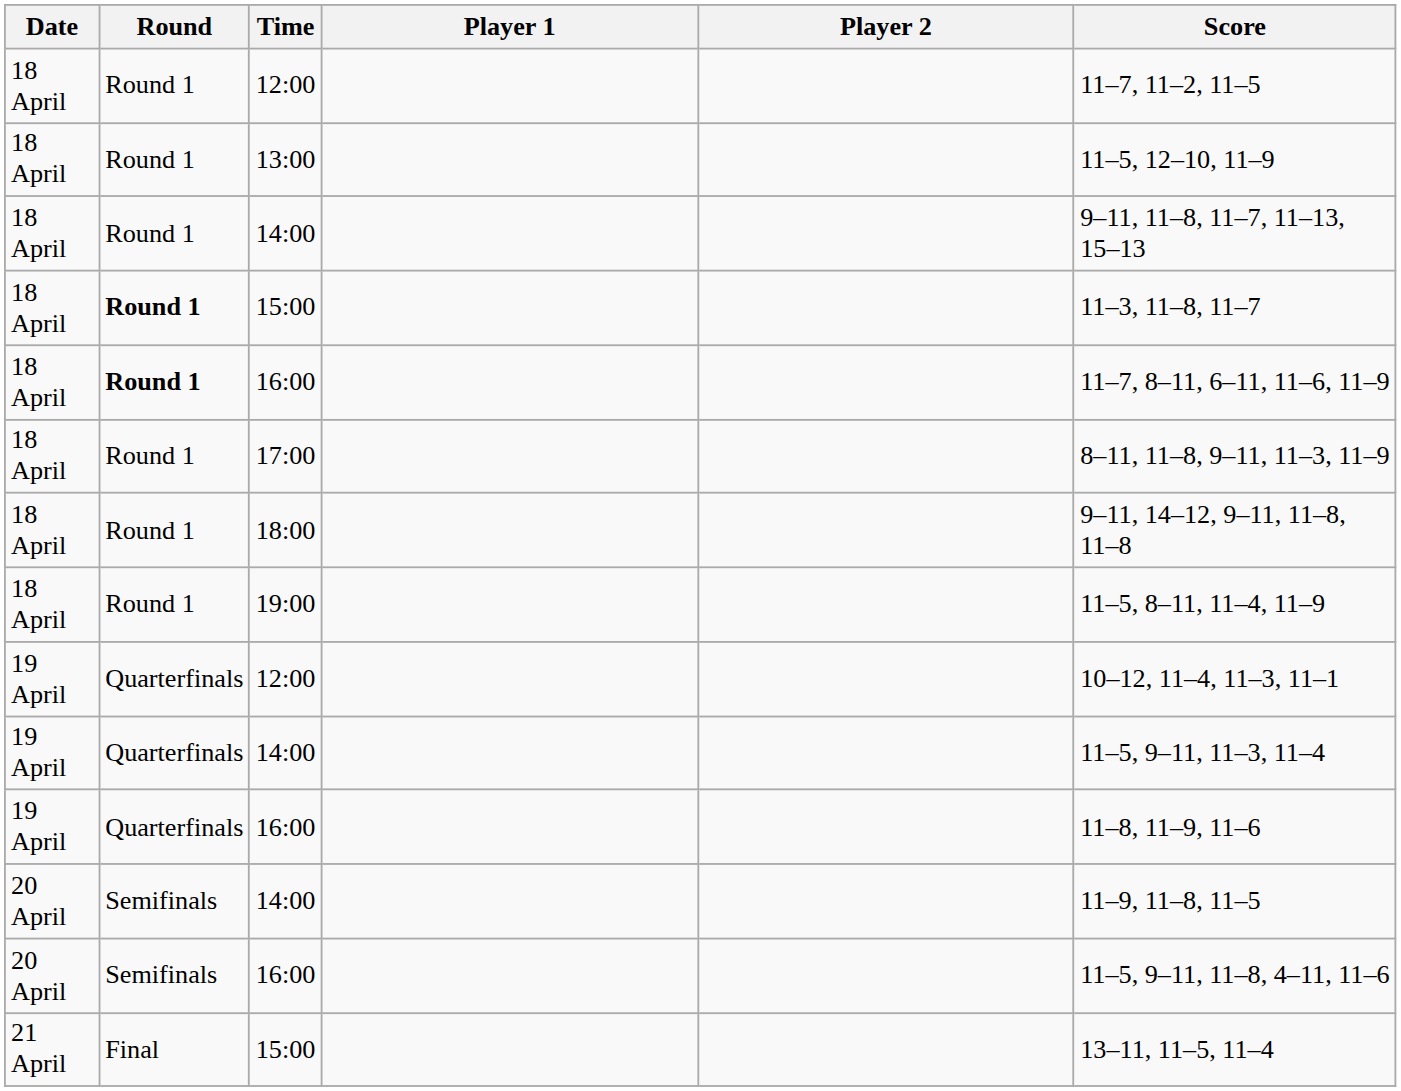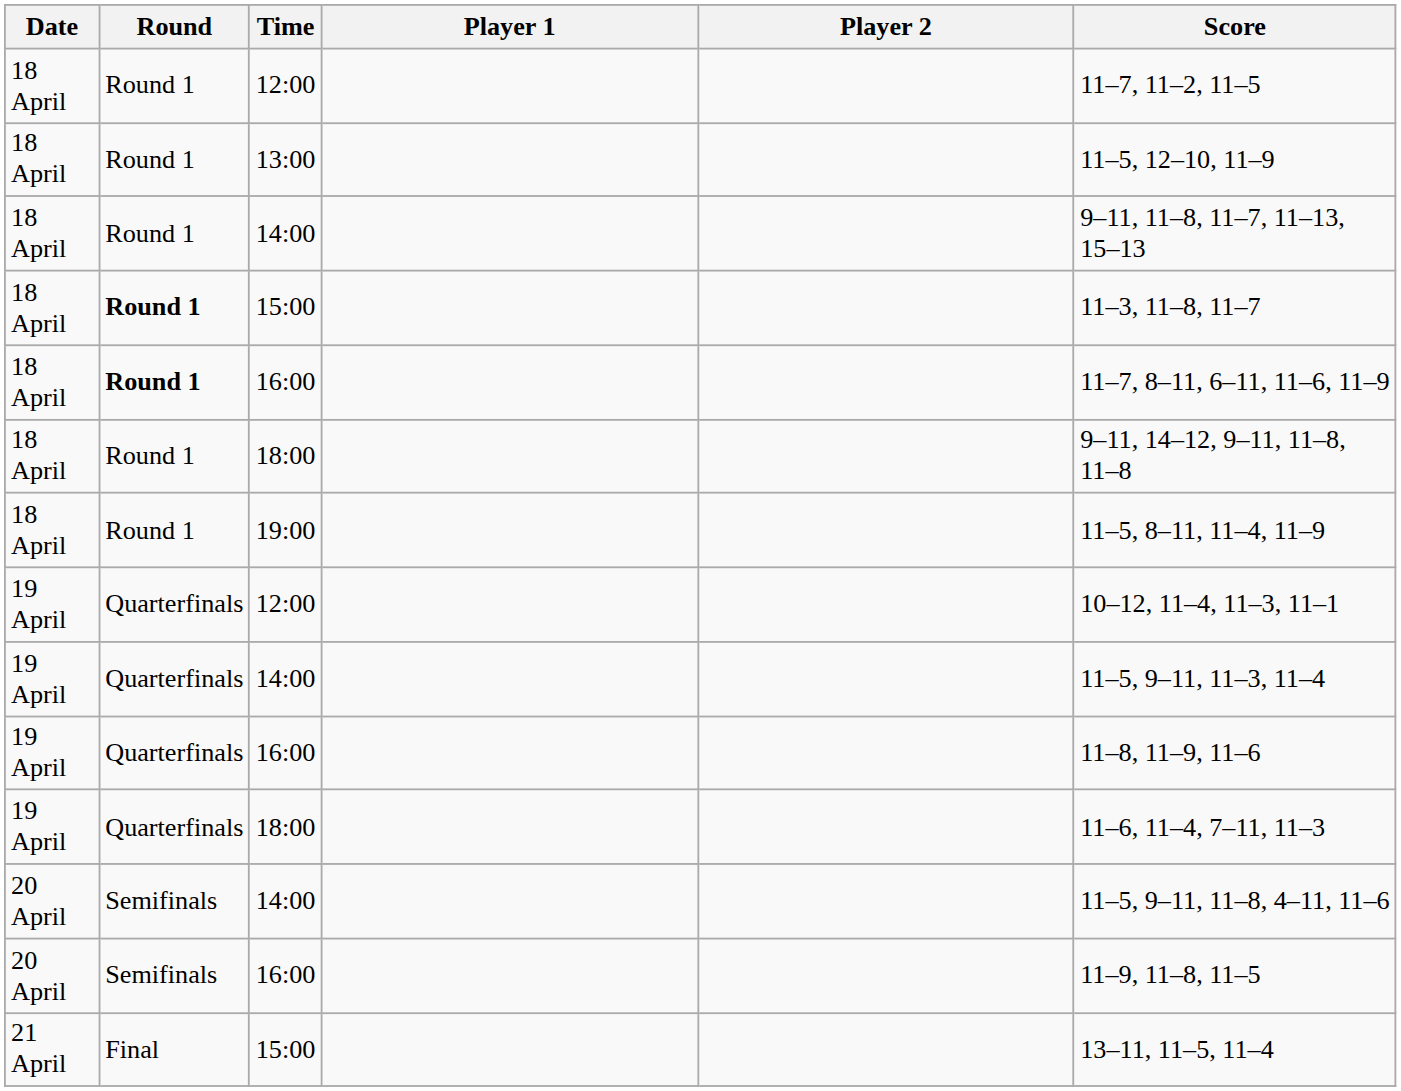 <table class="sortable wikitable" style="font-size:90%">
 <tr>
 <th width="45" class="unsortable">Date</th>
 <th width="55">Round</th>
 <th width="30">Time</th>
 <th width="200">Player 1</th>
 <th width="200">Player 2</th>
 <th width="170" class="unsortable">Score</th>
 </tr>
 <tr>
 <td>18 April</td>
 <td>Round 1</td>
 <td>12:00</td>
 <td><strong></strong></td>
 <td></td>
 <td>11–7, 11–2, 11–5</td>
 </tr>
 <tr>
 <td>18 April</td>
 <td>Round 1</td>
 <td>13:00</td>
 <td><strong></strong></td>
 <td></td>
 <td>11–5, 12–10, 11–9</td>
 </tr>
 <tr>
 <td>18 April</td>
 <td>Round 1</td>
 <td>14:00</td>
 <td><strong></strong></td>
 <td></td>
 <td>9–11, 11–8, 11–7, 11–13, 15–13</td>
 </tr>
 <tr>
 <td>18 April</td>
 <td><strong>Round 1</strong></td>
 <td>15:00</td>
 <td></td>
 <td><strong></strong></td>
 <td>11–3, 11–8, 11–7</td>
 </tr>
 <tr>
 <td>18 April</td>
 <td><strong>Round 1</strong></td>
 <td>16:00</td>
 <td></td>
 <td><strong></strong></td>
 <td>11–7, 8–11, 6–11, 11–6, 11–9</td>
 </tr>
 <tr>
 <td>18 April</td>
 <td>Round 1</td>
-<td>17:00</td>
-<td></td>
-<td><strong></strong></td>
-<td>8–11, 11–8, 9–11, 11–3, 11–9</td>
-</tr>
-<tr>
-<td>18 April</td>
-<td>Round 1</td>
 <td>18:00</td>
 <td></td>
 <td><strong></strong></td>
 <td>9–11, 14–12, 9–11, 11–8, 11–8</td>
 </tr>
 <tr>
 <td>18 April</td>
 <td>Round 1</td>
 <td>19:00</td>
 <td><strong></strong></td>
 <td></td>
 <td>11–5, 8–11, 11–4, 11–9</td>
 </tr>
 <tr>
 <td>19 April</td>
 <td>Quarterfinals</td>
 <td>12:00</td>
 <td><strong></strong></td>
 <td></td>
 <td>10–12, 11–4, 11–3, 11–1</td>
 </tr>
 <tr>
 <td>19 April</td>
 <td>Quarterfinals</td>
 <td>14:00</td>
 <td></td>
 <td><strong></strong></td>
 <td>11–5, 9–11, 11–3, 11–4</td>
 </tr>
 <tr>
 <td>19 April</td>
 <td>Quarterfinals</td>
 <td>16:00</td>
 <td></td>
 <td><strong></strong></td>
 <td>11–8, 11–9, 11–6</td>
 </tr>
 <tr>
+<td>19 April</td>
+<td>Quarterfinals</td>
+<td>18:00</td>
+<td></td>
+<td><strong></strong></td>
+<td>11–6, 11–4, 7–11, 11–3</td>
+</tr>
+<tr>
 <td>20 April</td>
 <td>Semifinals</td>
 <td>14:00</td>
 <td><strong></strong></td>
 <td></td>
-<td>11–9, 11–8, 11–5</td>
+<td>11–5, 9–11, 11–8, 4–11, 11–6</td>
 </tr>
 <tr>
 <td>20 April</td>
 <td>Semifinals</td>
 <td>16:00</td>
 <td><strong></strong></td>
 <td></td>
-<td>11–5, 9–11, 11–8, 4–11, 11–6</td>
+<td>11–9, 11–8, 11–5</td>
 </tr>
 <tr>
 <td>21 April</td>
 <td>Final</td>
 <td>15:00</td>
 <td><strong></strong></td>
 <td></td>
 <td>13–11, 11–5, 11–4</td>
 </tr>
 </table>
